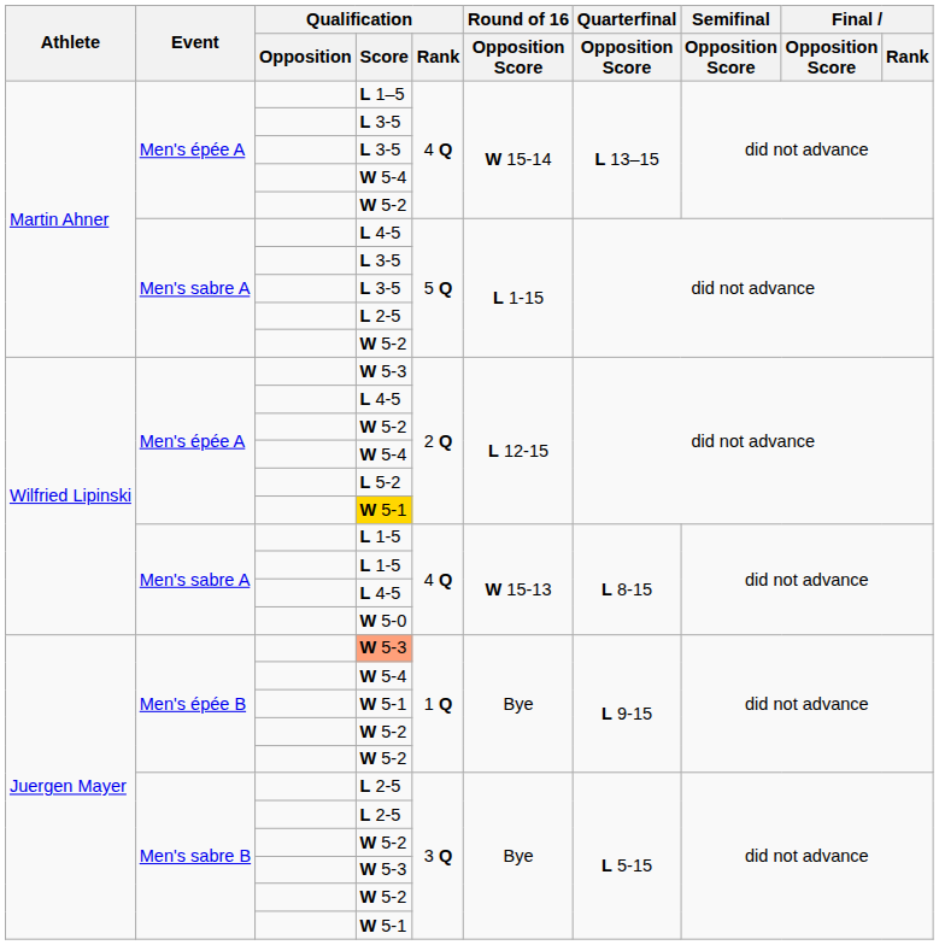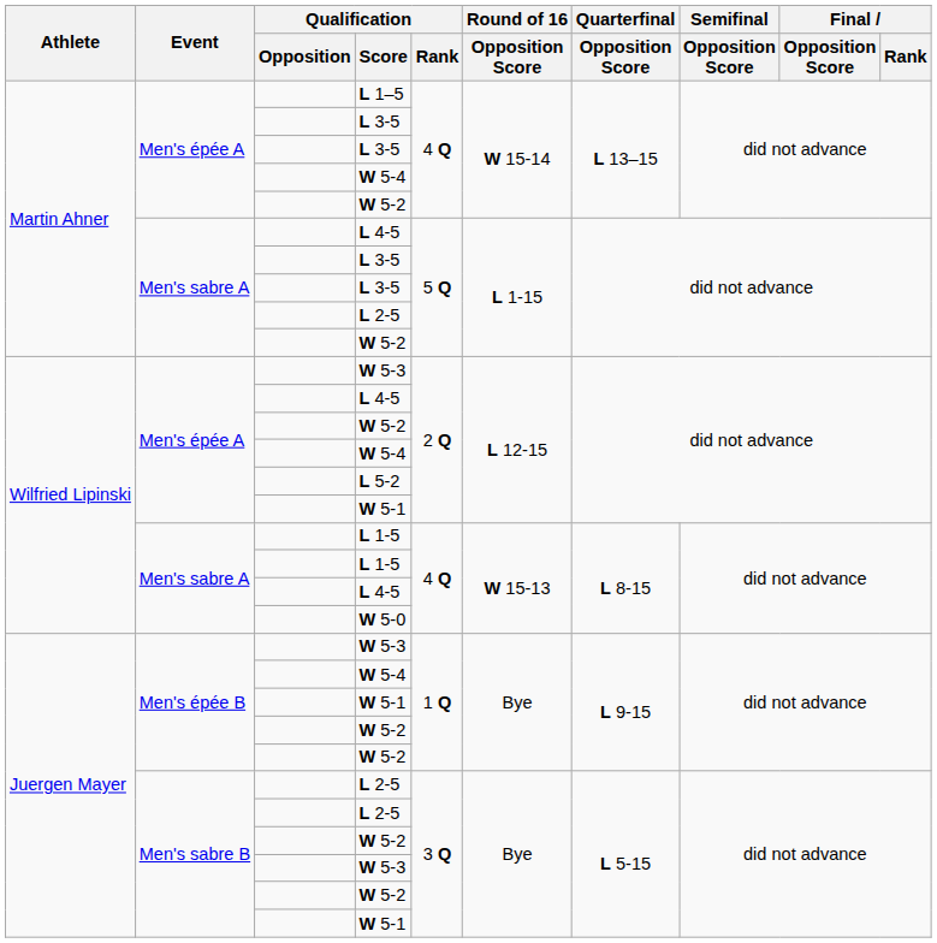 <table class=wikitable style="font-size:90%">
 <tr>
 <th rowspan="2">Athlete</th>
 <th rowspan="2">Event</th>
 <th colspan="3">Qualification</th>
 <th>Round of 16</th>
 <th>Quarterfinal</th>
 <th>Semifinal</th>
 <th colspan="2">Final / </th>
 </tr>
 <tr>
 <th>Opposition</th>
 <th>Score</th>
 <th>Rank</th>
 <th>Opposition<br>Score</th>
 <th>Opposition<br>Score</th>
 <th>Opposition<br>Score</th>
 <th>Opposition<br>Score</th>
 <th>Rank</th>
 </tr>
 <tr>
 <td rowspan=10><a href='#'>Martin Ahner</a></td>
 <td rowspan=5><a href='#'>Men's épée A</a></td>
 <td></td>
 <td><strong>L</strong> 1–5</td>
 <td align="center" rowspan=5>4 <strong>Q</strong></td>
 <td align="center" rowspan=5><br><strong>W</strong> 15-14</td>
 <td align="center" rowspan=5><br><strong>L</strong> 13–15</td>
 <td align="center" rowspan=5 colspan=3>did not advance</td>
 </tr>
 <tr>
 <td></td>
 <td><strong>L</strong> 3-5</td>
 </tr>
 <tr>
 <td></td>
 <td><strong>L</strong> 3-5</td>
 </tr>
 <tr>
 <td></td>
 <td><strong>W</strong> 5-4</td>
 </tr>
 <tr>
 <td></td>
 <td><strong>W</strong> 5-2</td>
 </tr>
 <tr>
 <td rowspan=5><a href='#'>Men's sabre A</a></td>
 <td></td>
 <td><strong>L</strong> 4-5</td>
 <td align="center" rowspan=5>5 <strong>Q</strong></td>
 <td align="center" rowspan=5><br><strong>L</strong> 1-15</td>
 <td align="center" rowspan=5 colspan=4>did not advance</td>
 </tr>
 <tr>
 <td></td>
 <td><strong>L</strong> 3-5</td>
 </tr>
 <tr>
 <td></td>
 <td><strong>L</strong> 3-5</td>
 </tr>
 <tr>
 <td></td>
 <td><strong>L</strong> 2-5</td>
 </tr>
 <tr>
 <td></td>
 <td><strong>W</strong> 5-2</td>
 </tr>
 <tr>
 <td rowspan=10><a href='#'>Wilfried Lipinski</a></td>
 <td rowspan=6><a href='#'>Men's épée A</a></td>
 <td></td>
 <td><strong>W</strong> 5-3</td>
 <td align="center" rowspan=6>2 <strong>Q</strong></td>
 <td align="center" rowspan=6><br><strong>L</strong> 12-15</td>
 <td align="center" rowspan=6 colspan=4>did not advance</td>
 </tr>
 <tr>
 <td></td>
 <td><strong>L</strong> 4-5</td>
 </tr>
 <tr>
 <td></td>
 <td><strong>W</strong> 5-2</td>
 </tr>
 <tr>
 <td></td>
 <td><strong>W</strong> 5-4</td>
 </tr>
 <tr>
 <td></td>
 <td><strong>L</strong> 5-2</td>
 </tr>
 <tr>
 <td></td>
-<td style="background: gold;"><strong>W</strong> 5-1</td>
+<td><strong>W</strong> 5-1</td>
 </tr>
 <tr>
 <td rowspan=4><a href='#'>Men's sabre A</a></td>
 <td></td>
 <td><strong>L</strong> 1-5</td>
 <td align="center" rowspan=4>4 <strong>Q</strong></td>
 <td align="center" rowspan=4><br><strong>W</strong> 15-13</td>
 <td align="center" rowspan=4><br><strong>L</strong> 8-15</td>
 <td align="center" rowspan=4 colspan=3>did not advance</td>
 </tr>
 <tr>
 <td></td>
 <td><strong>L</strong> 1-5</td>
 </tr>
 <tr>
 <td></td>
 <td><strong>L</strong> 4-5</td>
 </tr>
 <tr>
 <td></td>
 <td><strong>W</strong> 5-0</td>
 </tr>
 <tr>
 <td rowspan=11><a href='#'>Juergen Mayer</a></td>
 <td rowspan=5><a href='#'>Men's épée B</a></td>
 <td></td>
-<td style="background: lightsalmon;"><strong>W</strong> 5-3</td>
+<td><strong>W</strong> 5-3</td>
 <td align="center" rowspan=5>1 <strong>Q</strong></td>
 <td align="center" rowspan=5>Bye</td>
 <td align="center" rowspan=5><br><strong>L</strong> 9-15</td>
 <td align="center" rowspan=5 colspan=3>did not advance</td>
 </tr>
 <tr>
 <td></td>
 <td><strong>W</strong> 5-4</td>
 </tr>
 <tr>
 <td></td>
 <td><strong>W</strong> 5-1</td>
 </tr>
 <tr>
 <td></td>
 <td><strong>W</strong> 5-2</td>
 </tr>
 <tr>
 <td></td>
 <td><strong>W</strong> 5-2</td>
 </tr>
 <tr>
 <td rowspan=6><a href='#'>Men's sabre B</a></td>
 <td></td>
 <td><strong>L</strong> 2-5</td>
 <td align="center" rowspan=6>3 <strong>Q</strong></td>
 <td align="center" rowspan=6>Bye</td>
 <td align="center" rowspan=6><br><strong>L</strong> 5-15</td>
 <td align="center" rowspan=6 colspan=3>did not advance</td>
 </tr>
 <tr>
 <td></td>
 <td><strong>L</strong> 2-5</td>
 </tr>
 <tr>
 <td></td>
 <td><strong>W</strong> 5-2</td>
 </tr>
 <tr>
 <td></td>
 <td><strong>W</strong> 5-3</td>
 </tr>
 <tr>
 <td></td>
 <td><strong>W</strong> 5-2</td>
 </tr>
 <tr>
 <td></td>
 <td><strong>W</strong> 5-1</td>
 </tr>
 </table>
